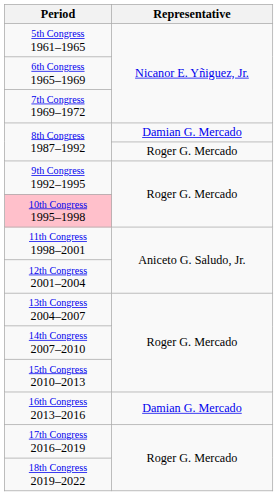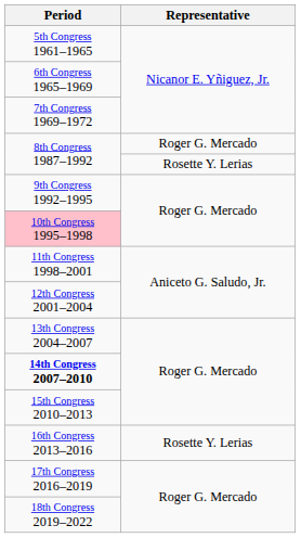 <table class="wikitable" style="text-align:center; width:40%;">
 <tr>
 <th width="40%">Period</th>
 <th>Representative</th>
 </tr>
 <tr>
 <td><small><a href='#'>5th Congress</a></small><br>1961–1965</td>
 <td rowspan="3"><a href='#'>Nicanor E. Yñiguez, Jr.</a></td>
 </tr>
 <tr>
 <td><small><a href='#'>6th Congress</a></small><br>1965–1969</td>
 </tr>
 <tr>
 <td><small><a href='#'>7th Congress</a></small><br>1969–1972</td>
 </tr>
 <tr>
 <td rowspan="2"><small><a href='#'>8th Congress</a></small><br>1987–1992</td>
-<td><a href='#'>Damian G. Mercado</a></td>
+<td>Roger G. Mercado</td>
 </tr>
 <tr>
-<td>Roger G. Mercado</td>
+<td>Rosette Y. Lerias</td>
 </tr>
 <tr>
 <td><small><a href='#'>9th Congress</a></small><br>1992–1995</td>
 <td rowspan="2">Roger G. Mercado</td>
 </tr>
 <tr>
 <td style="background: pink;"><small><a href='#'>10th Congress</a></small><br>1995–1998</td>
 </tr>
 <tr>
 <td><small><a href='#'>11th Congress</a></small><br>1998–2001</td>
 <td rowspan="2">Aniceto G. Saludo, Jr.</td>
 </tr>
 <tr>
 <td><small><a href='#'>12th Congress</a></small><br>2001–2004</td>
 </tr>
 <tr>
 <td><small><a href='#'>13th Congress</a></small><br>2004–2007</td>
 <td rowspan="3">Roger G. Mercado</td>
 </tr>
 <tr>
-<td><small><a href='#'>14th Congress</a></small><br>2007–2010</td>
+<td><strong><small><a href='#'>14th Congress</a></small><br>2007–2010</strong></td>
 </tr>
 <tr>
 <td><small><a href='#'>15th Congress</a></small><br>2010–2013</td>
 </tr>
 <tr>
 <td><small><a href='#'>16th Congress</a></small><br>2013–2016</td>
-<td><a href='#'>Damian G. Mercado</a></td>
+<td>Rosette Y. Lerias</td>
 </tr>
 <tr>
 <td><small><a href='#'>17th Congress</a></small><br>2016–2019</td>
 <td rowspan="2">Roger G. Mercado</td>
 </tr>
 <tr>
 <td><small><a href='#'>18th Congress</a></small><br>2019–2022</td>
 </tr>
 </table>
